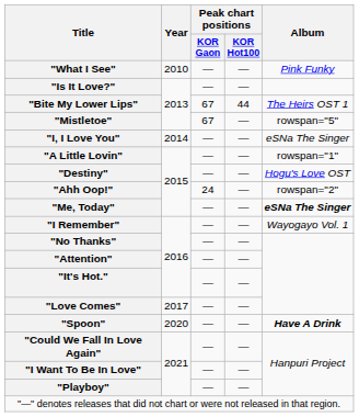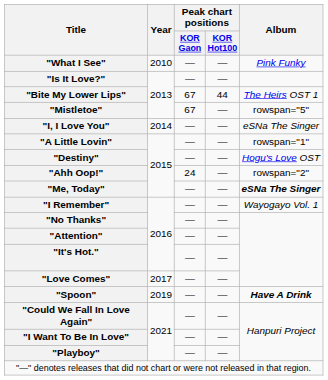 <table class="wikitable plainrowheaders" style="text-align:center;" border="1">
 <tr>
 <th scope="col" rowspan="2" style="width:14em;">Title</th>
 <th scope="col" rowspan="2">Year</th>
 <th scope="col" colspan="2">Peak chart positions</th>
 <th scope="col" rowspan="2">Album</th>
 </tr>
 <tr>
 <th scope="col" style="width:3em;font-size:90%;"><a href='#'>KOR<br>Gaon</a><br></th>
 <th scope="col" style="width:3em;font-size:90%;"><a href='#'>KOR<br>Hot100</a><br></th>
 </tr>
 <tr>
 <th scope="row">"What I See" <br></th>
 <td rowspan="1">2010</td>
 <td align=center>—</td>
 <td align=center>—</td>
 <td rowspan="1"><em><a href='#'>Pink Funky</a></em></td>
 </tr>
 <tr>
 <th scope="row">"Is It Love?" <br></th>
 <td rowspan="3">2013</td>
 <td align=center>—</td>
 <td align=center>—</td>
 </tr>
 <tr>
 <th scope="row">"Bite My Lower Lips" <br></th>
 <td align=center>67</td>
 <td align=center>44</td>
 <td rowspan="1"><em><a href='#'>The Heirs</a> OST 1</em></td>
 </tr>
 <tr>
 <th scope="row">"Mistletoe" <br></th>
 <td align=center>67</td>
 <td align=center>—</td>
 <td>rowspan="5" </td>
 </tr>
 <tr>
 <th scope="row">"I, I Love You"</th>
 <td rowspan="1">2014</td>
 <td align=center>—</td>
 <td align=center>—</td>
 <td rowspan="1"><em>eSNa The Singer</em></td>
 </tr>
 <tr>
 <th scope="row">"A Little Lovin"</th>
 <td rowspan="4">2015</td>
 <td align=center>—</td>
 <td align=center>—</td>
 <td>rowspan="1" </td>
 </tr>
 <tr>
 <th scope="row">"Destiny" <br></th>
 <td align=center>—</td>
 <td align=center>—</td>
 <td rowspan="1"><em><a href='#'>Hogu's Love</a> OST</em></td>
 </tr>
 <tr>
 <th scope="row">"Ahh Oop!" <br></th>
 <td align=center>24</td>
 <td align=center>—</td>
 <td>rowspan="2" </td>
 </tr>
 <tr>
 <th scope="row">"Me, Today" <br></th>
 <td align=center>—</td>
 <td align=center>—</td>
 <td rowspan="1"><strong><em>eSNa The Singer</em></strong></td>
 </tr>
 <tr>
 <th scope="row">"I Remember" <br></th>
 <td rowspan="4">2016</td>
 <td align=center>—</td>
 <td align=center>—</td>
 <td rowspan="1"><em>Wayogayo Vol. 1</em></td>
 </tr>
 <tr>
 <th scope="row">"No Thanks"</th>
 <td align=center>—</td>
 <td align=center>—</td>
 </tr>
 <tr>
 <th scope="row">"Attention"</th>
 <td align=center>—</td>
 <td align=center>—</td>
 </tr>
 <tr>
 <th scope="row">"It's Hot." <br> <br></th>
 <td align=center>—</td>
 <td align=center>—</td>
 </tr>
 <tr>
 <th scope="row">"Love Comes" <br></th>
 <td>2017</td>
 <td align=center>—</td>
 <td align=center>—</td>
 </tr>
 <tr>
 <th scope="row">"Spoon"</th>
-<td>2020</td>
+<td>2019</td>
 <td align=center>—</td>
 <td align=center>—</td>
 <td rowspan="1"><strong><em> Have A Drink</em></strong></td>
 </tr>
 <tr>
 <th scope="row">"Could We Fall In Love Again" <br></th>
 <td rowspan="3">2021</td>
 <td align=center>—</td>
 <td align=center>—</td>
 <td rowspan="3"><em>Hanpuri Project</em></td>
 </tr>
 <tr>
 <th scope="row">"I Want To Be In Love" <br></th>
 <td align=center>—</td>
 <td align=center>—</td>
 </tr>
 <tr>
 <th scope="row">"Playboy" <br></th>
 <td align=center>—</td>
 <td align=center>—</td>
 </tr>
 <tr>
 <td colspan="6" style="font-size:90%">"—" denotes releases that did not chart or were not released in that region.</td>
 </tr>
 </table>
